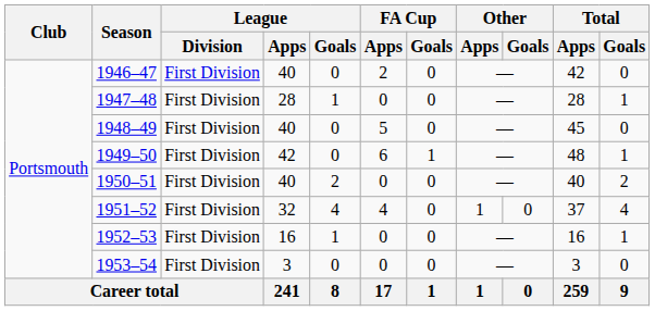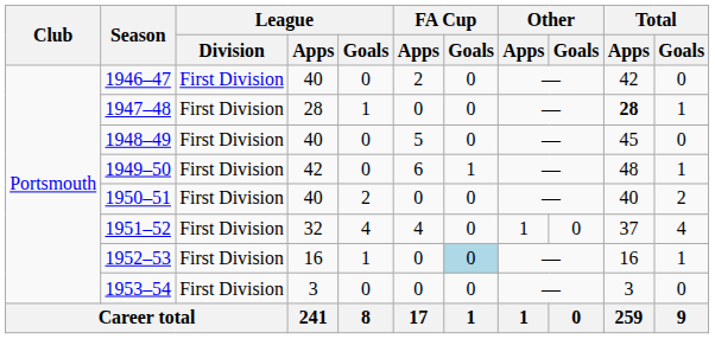 <table class="wikitable" style="text-align: center;">
 <tr>
 <th rowspan="2">Club</th>
 <th rowspan="2">Season</th>
 <th colspan="3">League</th>
 <th colspan="2">FA Cup</th>
 <th colspan="2">Other</th>
 <th colspan="2">Total</th>
 </tr>
 <tr>
 <th>Division</th>
 <th>Apps</th>
 <th>Goals</th>
 <th>Apps</th>
 <th>Goals</th>
 <th>Apps</th>
 <th>Goals</th>
 <th>Apps</th>
 <th>Goals</th>
 </tr>
 <tr>
 <td rowspan="8"><a href='#'>Portsmouth</a></td>
 <td><a href='#'>1946–47</a></td>
 <td><a href='#'>First Division</a></td>
 <td>40</td>
 <td>0</td>
 <td>2</td>
 <td>0</td>
 <td colspan="2">—</td>
 <td>42</td>
 <td>0</td>
 </tr>
 <tr>
 <td><a href='#'>1947–48</a></td>
 <td>First Division</td>
 <td>28</td>
 <td>1</td>
 <td>0</td>
 <td>0</td>
 <td colspan="2">—</td>
-<td>28</td>
+<td><strong>28</strong></td>
 <td>1</td>
 </tr>
 <tr>
 <td><a href='#'>1948–49</a></td>
 <td>First Division</td>
 <td>40</td>
 <td>0</td>
 <td>5</td>
 <td>0</td>
 <td colspan="2">—</td>
 <td>45</td>
 <td>0</td>
 </tr>
 <tr>
 <td><a href='#'>1949–50</a></td>
 <td>First Division</td>
 <td>42</td>
 <td>0</td>
 <td>6</td>
 <td>1</td>
 <td colspan="2">—</td>
 <td>48</td>
 <td>1</td>
 </tr>
 <tr>
 <td><a href='#'>1950–51</a></td>
 <td>First Division</td>
 <td>40</td>
 <td>2</td>
 <td>0</td>
 <td>0</td>
 <td colspan="2">—</td>
 <td>40</td>
 <td>2</td>
 </tr>
 <tr>
 <td><a href='#'>1951–52</a></td>
 <td>First Division</td>
 <td>32</td>
 <td>4</td>
 <td>4</td>
 <td>0</td>
 <td>1</td>
 <td>0</td>
 <td>37</td>
 <td>4</td>
 </tr>
 <tr>
 <td><a href='#'>1952–53</a></td>
 <td>First Division</td>
 <td>16</td>
 <td>1</td>
 <td>0</td>
-<td>0</td>
+<td style="background: lightblue;">0</td>
 <td colspan="2">—</td>
 <td>16</td>
 <td>1</td>
 </tr>
 <tr>
 <td><a href='#'>1953–54</a></td>
 <td>First Division</td>
 <td>3</td>
 <td>0</td>
 <td>0</td>
 <td>0</td>
 <td colspan="2">—</td>
 <td>3</td>
 <td>0</td>
 </tr>
 <tr>
 <th colspan="3">Career total</th>
 <th>241</th>
 <th>8</th>
 <th>17</th>
 <th>1</th>
 <th>1</th>
 <th>0</th>
 <th>259</th>
 <th>9</th>
 </tr>
 </table>
